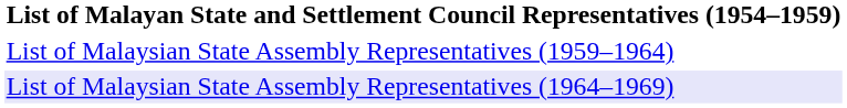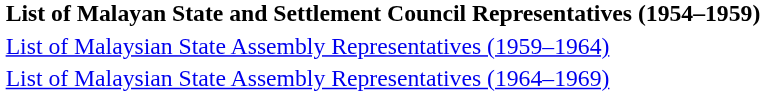 <table id=toc style="float:right">
 <tr>
 <td><strong>List of Malayan State and Settlement Council Representatives (1954–1959)</strong></td>
 </tr>
 <tr>
 <td><a href='#'>List of Malaysian State Assembly Representatives (1959–1964)</a></td>
 </tr>
 <tr>
-<td style="background: lavender;"><a href='#'>List of Malaysian State Assembly Representatives (1964–1969)</a></td>
+<td><a href='#'>List of Malaysian State Assembly Representatives (1964–1969)</a></td>
 </tr>
 </table>
